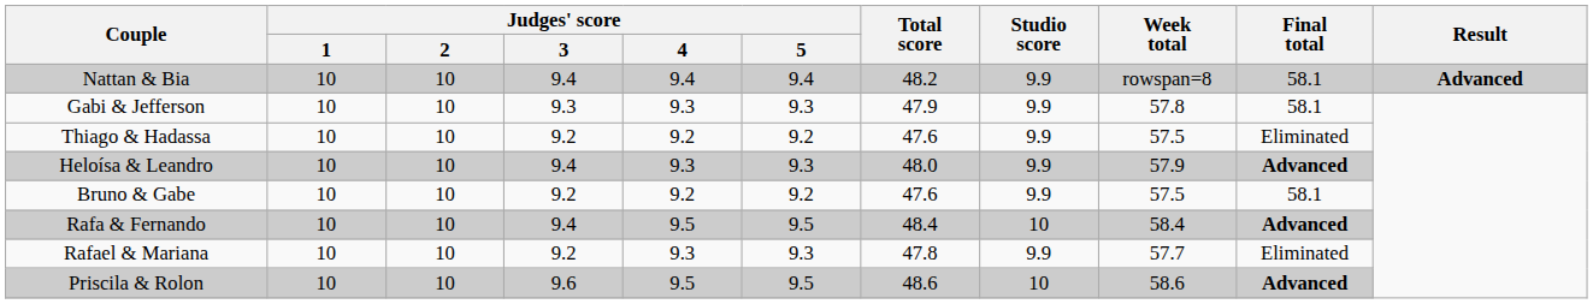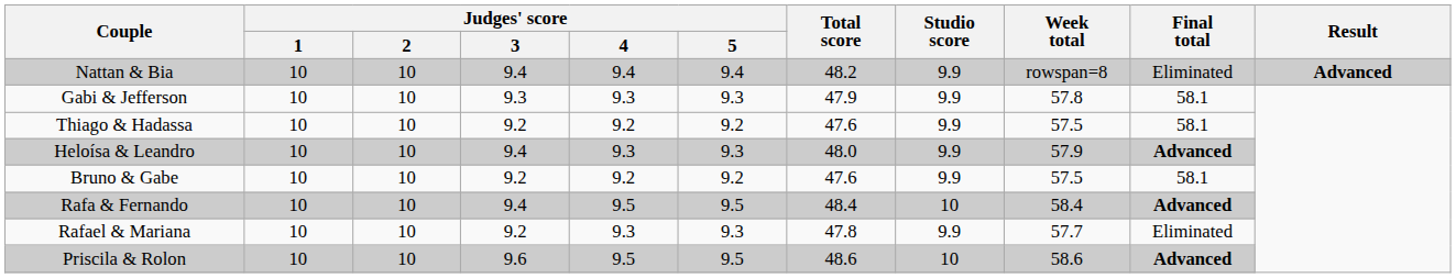 <table class="wikitable" style="font-size:100%; line-height:16px; text-align:center" width="100%">
 <tr>
 <th rowspan=2 width="11.00%">Couple</th>
 <th colspan=5 width="25.00%">Judges' score</th>
 <th rowspan=2 width="05.00%">Total<br>score</th>
 <th rowspan=2 width="05.00%">Studio<br>score</th>
 <th rowspan=2 width="05.00%">Week<br>total</th>
 <th rowspan=2 width="05.00%">Final<br>total</th>
 <th rowspan=2 width="09.00%">Result</th>
 </tr>
 <tr>
 <th width="05.00%">1</th>
 <th width="05.00%">2</th>
 <th width="05.00%">3</th>
 <th width="05.00%">4</th>
 <th width="05.00%">5</th>
 </tr>
 <tr bgcolor="CCCCCC">
 <td>Nattan & Bia</td>
 <td>10</td>
 <td>10</td>
 <td>9.4</td>
 <td>9.4</td>
 <td>9.4</td>
 <td>48.2</td>
 <td>9.9</td>
 <td>rowspan=8 </td>
-<td>58.1</td>
+<td>Eliminated</td>
 <td><strong>Advanced</strong></td>
 </tr>
 <tr>
 <td>Gabi & Jefferson</td>
 <td>10</td>
 <td>10</td>
 <td>9.3</td>
 <td>9.3</td>
 <td>9.3</td>
 <td>47.9</td>
 <td>9.9</td>
 <td>57.8</td>
 <td>58.1</td>
 </tr>
 <tr>
 <td>Thiago & Hadassa</td>
 <td>10</td>
 <td>10</td>
 <td>9.2</td>
 <td>9.2</td>
 <td>9.2</td>
 <td>47.6</td>
 <td>9.9</td>
 <td>57.5</td>
-<td>Eliminated</td>
+<td>58.1</td>
 </tr>
 <tr bgcolor="CCCCCC">
 <td>Heloísa & Leandro</td>
 <td>10</td>
 <td>10</td>
 <td>9.4</td>
 <td>9.3</td>
 <td>9.3</td>
 <td>48.0</td>
 <td>9.9</td>
 <td>57.9</td>
 <td><strong>Advanced</strong></td>
 </tr>
 <tr>
 <td>Bruno & Gabe</td>
 <td>10</td>
 <td>10</td>
 <td>9.2</td>
 <td>9.2</td>
 <td>9.2</td>
 <td>47.6</td>
 <td>9.9</td>
 <td>57.5</td>
 <td>58.1</td>
 </tr>
 <tr bgcolor="CCCCCC">
 <td>Rafa & Fernando</td>
 <td>10</td>
 <td>10</td>
 <td>9.4</td>
 <td>9.5</td>
 <td>9.5</td>
 <td>48.4</td>
 <td>10</td>
 <td>58.4</td>
 <td><strong>Advanced</strong></td>
 </tr>
 <tr>
 <td>Rafael & Mariana</td>
 <td>10</td>
 <td>10</td>
 <td>9.2</td>
 <td>9.3</td>
 <td>9.3</td>
 <td>47.8</td>
 <td>9.9</td>
 <td>57.7</td>
 <td>Eliminated</td>
 </tr>
 <tr bgcolor="CCCCCC">
 <td>Priscila & Rolon</td>
 <td>10</td>
 <td>10</td>
 <td>9.6</td>
 <td>9.5</td>
 <td>9.5</td>
 <td>48.6</td>
 <td>10</td>
 <td>58.6</td>
 <td><strong>Advanced</strong></td>
 </tr>
 <tr>
 </tr>
 </table>
